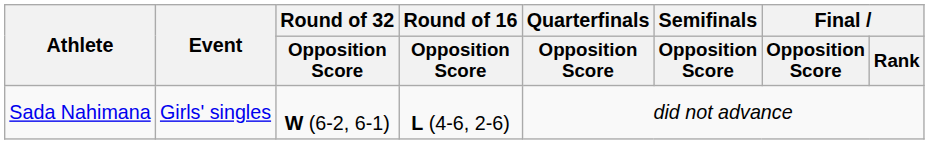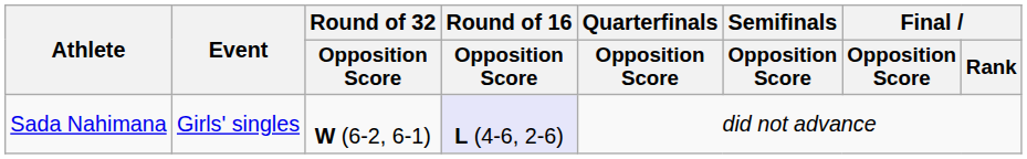 <table class=wikitable style="font-size:90%">
 <tr>
 <th rowspan=2>Athlete</th>
 <th rowspan=2>Event</th>
 <th>Round of 32</th>
 <th>Round of 16</th>
 <th>Quarterfinals</th>
 <th>Semifinals</th>
 <th colspan=2>Final / </th>
 </tr>
 <tr style="font-size:95%">
 <th>Opposition<br>Score</th>
 <th>Opposition<br>Score</th>
 <th>Opposition<br>Score</th>
 <th>Opposition<br>Score</th>
 <th>Opposition<br>Score</th>
 <th>Rank</th>
 </tr>
 <tr align=center>
 <td align=left><a href='#'>Sada Nahimana</a></td>
 <td align=left><a href='#'>Girls' singles</a></td>
 <td><br> <strong>W</strong> (6-2, 6-1)</td>
-<td><br> <strong>L</strong> (4-6, 2-6)</td>
+<td style="background: lavender;"><br> <strong>L</strong> (4-6, 2-6)</td>
 <td colspan=4><em>did not advance</em></td>
 </tr>
 </table>
